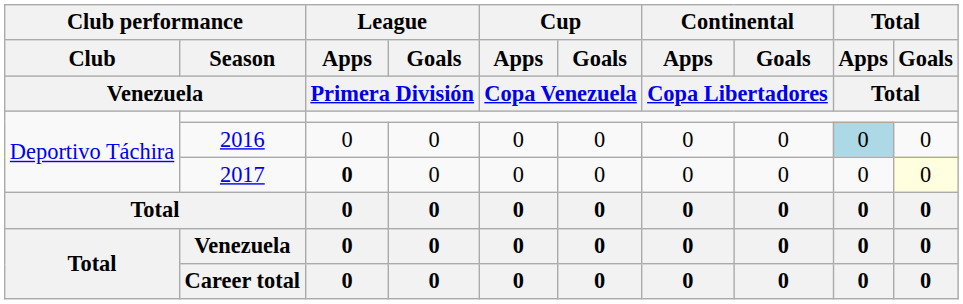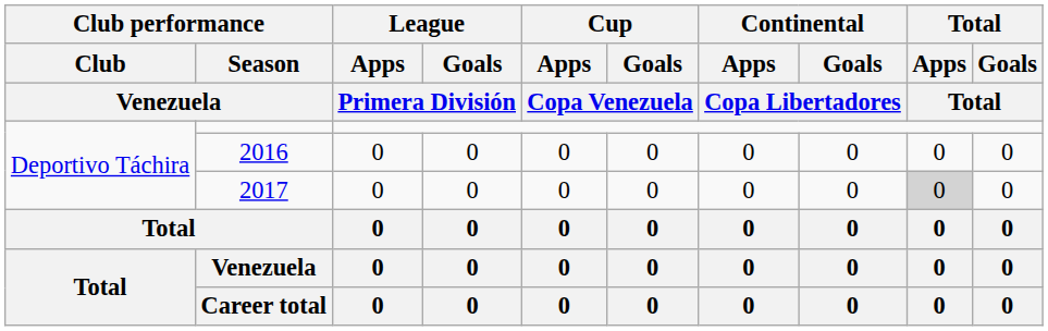 <table class="wikitable" style="text-align:center">
 <tr>
 <th colspan=3>Club performance</th>
 <th colspan=2>League</th>
 <th colspan=2>Cup</th>
 <th colspan=2>Continental</th>
 <th colspan=2>Total</th>
 </tr>
 <tr>
 <th>Club</th>
 <th colspan="2">Season</th>
 <th>Apps</th>
 <th>Goals</th>
 <th>Apps</th>
 <th>Goals</th>
 <th>Apps</th>
 <th>Goals</th>
 <th>Apps</th>
 <th>Goals</th>
 </tr>
 <tr>
 <th colspan=3>Venezuela</th>
 <th colspan=2><a href='#'>Primera División</a></th>
 <th colspan=2><a href='#'>Copa Venezuela</a></th>
 <th colspan=2><a href='#'>Copa Libertadores</a></th>
 <th colspan=2>Total</th>
 </tr>
 <tr>
 <td rowspan="3"><a href='#'>Deportivo Táchira</a></td>
 <td colspan="2"></td>
 </tr>
 <tr>
 <td colspan="2"><a href='#'>2016</a></td>
 <td>0</td>
 <td>0</td>
 <td>0</td>
 <td>0</td>
 <td>0</td>
 <td>0</td>
-<td style="background: lightblue;">0</td>
+<td>0</td>
 <td>0</td>
 </tr>
 <tr>
 <td colspan="2"><a href='#'>2017</a></td>
-<td><strong>0</strong></td>
 <td>0</td>
 <td>0</td>
 <td>0</td>
 <td>0</td>
 <td>0</td>
 <td>0</td>
-<td style="background: lightyellow;">0</td>
+<td style="background: lightgrey;">0</td>
+<td>0</td>
 </tr>
 <tr>
 <th colspan="3">Total</th>
 <th>0</th>
 <th>0</th>
 <th>0</th>
 <th>0</th>
 <th>0</th>
 <th>0</th>
 <th>0</th>
 <th>0</th>
 </tr>
 <tr>
 <th rowspan=2>Total</th>
 <th colspan=2>Venezuela</th>
 <th>0</th>
 <th>0</th>
 <th>0</th>
 <th>0</th>
 <th>0</th>
 <th>0</th>
 <th>0</th>
 <th>0</th>
 </tr>
 <tr>
 <th colspan=2>Career total</th>
 <th>0</th>
 <th>0</th>
 <th>0</th>
 <th>0</th>
 <th>0</th>
 <th>0</th>
 <th>0</th>
 <th>0</th>
 </tr>
 </table>
